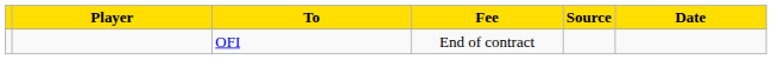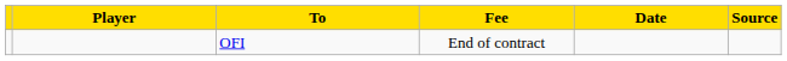 <table class="wikitable sortable">
 <tr>
 <th style="background:#FFDE00"></th>
 <th width=200 style="background:#FFDE00">Player</th>
 <th width=200 style="background:#FFDE00">To</th>
 <th width=150 style="background:#FFDE00">Fee</th>
+<th width=150 style="background:#FFDE00">Date</th>
 <th style="background:#FFDE00">Source</th>
-<th width=150 style="background:#FFDE00">Date</th>
 </tr>
 <tr>
 <td align=center></td>
 <td></td>
 <td> <a href='#'>OFI</a></td>
 <td align=center>End of contract</td>
 <td align=center></td>
 <td align=center></td>
 </tr>
 </table>
